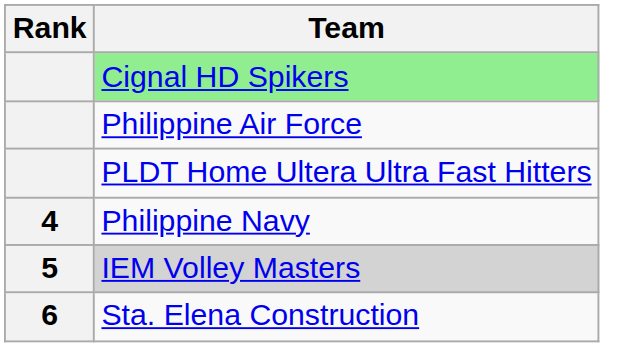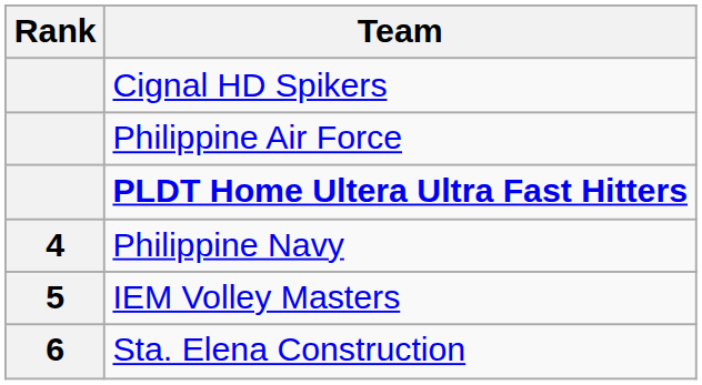 <table class="wikitable" style="text-align: center;">
 <tr>
 <th width=40>Rank</th>
 <th>Team</th>
 </tr>
 <tr>
 <th></th>
-<td style="background: lightgreen; text-align:left;"><a href='#'>Cignal HD Spikers</a></td>
+<td style="text-align:left;"><a href='#'>Cignal HD Spikers</a></td>
 </tr>
 <tr>
 <th></th>
 <td style="text-align:left;"><a href='#'>Philippine Air Force</a></td>
 </tr>
 <tr>
 <th></th>
-<td style="text-align:left;"><a href='#'>PLDT Home Ultera Ultra Fast Hitters</a></td>
+<td style="text-align:left;"><strong><a href='#'>PLDT Home Ultera Ultra Fast Hitters</a></strong></td>
 </tr>
 <tr>
 <th>4</th>
 <td style="text-align:left;"><a href='#'>Philippine Navy</a></td>
 </tr>
 <tr>
 <th>5</th>
-<td style="background: lightgrey; text-align:left;"><a href='#'>IEM Volley Masters</a></td>
+<td style="text-align:left;"><a href='#'>IEM Volley Masters</a></td>
 </tr>
 <tr>
 <th>6</th>
 <td style="text-align:left;"><a href='#'>Sta. Elena Construction</a></td>
 </tr>
 </table>
